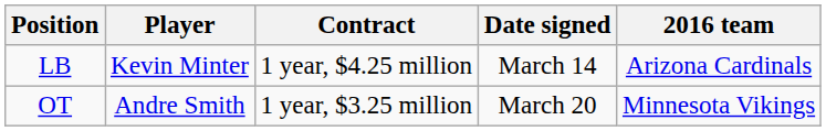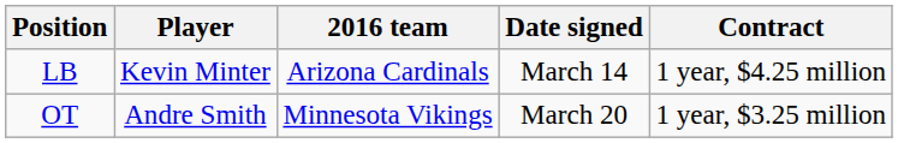 <table class="wikitable" style="text-align:center">
 <tr>
 <th>Position</th>
 <th>Player</th>
+<th>2016 team</th>
+<th>Date signed</th>
 <th>Contract</th>
-<th>Date signed</th>
-<th>2016 team</th>
 </tr>
 <tr>
 <td><a href='#'>LB</a></td>
 <td><a href='#'>Kevin Minter</a></td>
+<td><a href='#'>Arizona Cardinals</a></td>
+<td>March 14</td>
 <td>1 year, $4.25 million</td>
-<td>March 14</td>
-<td><a href='#'>Arizona Cardinals</a></td>
 </tr>
 <tr>
 <td><a href='#'>OT</a></td>
 <td><a href='#'>Andre Smith</a></td>
+<td><a href='#'>Minnesota Vikings</a></td>
+<td>March 20</td>
 <td>1 year, $3.25 million</td>
-<td>March 20</td>
-<td><a href='#'>Minnesota Vikings</a></td>
 </tr>
 </table>
